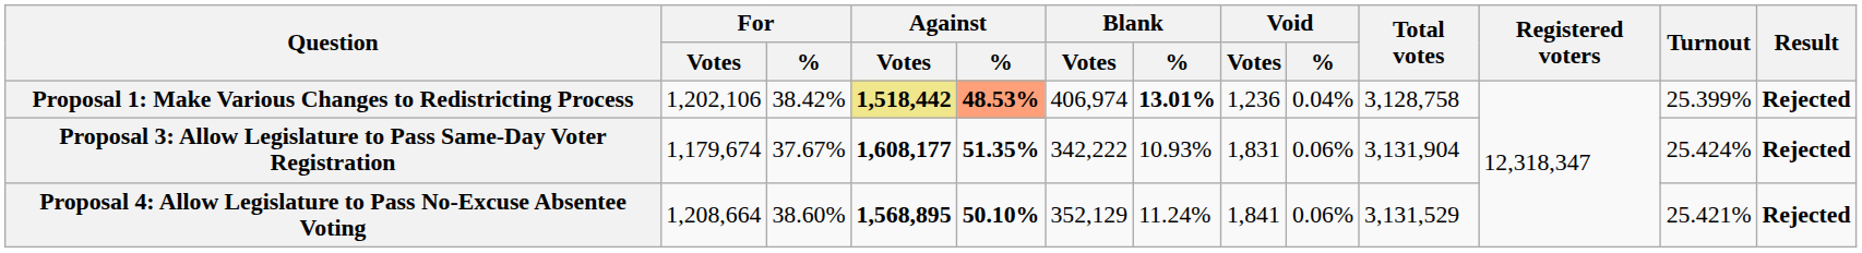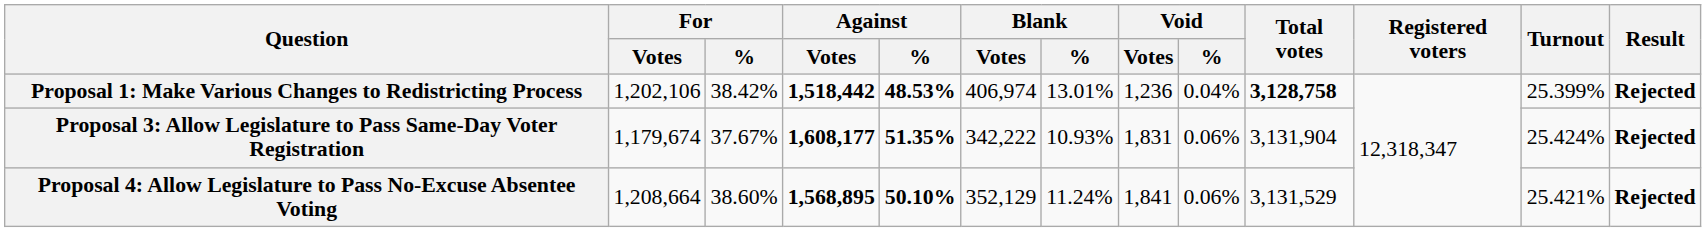 <table class="wikitable">
 <tr>
 <th rowspan="2" scope="col">Question</th>
 <th colspan="2" scope="col">For</th>
 <th colspan="2" scope="col">Against</th>
 <th colspan="2" scope="col">Blank</th>
 <th colspan="2" scope="col">Void</th>
 <th rowspan="2" scope="col">Total votes</th>
 <th rowspan="2" scope="col">Registered voters</th>
 <th rowspan="2" scope="col">Turnout</th>
 <th rowspan="2" scope="col">Result</th>
 </tr>
 <tr>
 <th scope="col">Votes</th>
 <th scope="col">%</th>
 <th scope="col">Votes</th>
 <th scope="col">%</th>
 <th scope="col">Votes</th>
 <th scope="col">%</th>
 <th scope="col">Votes</th>
 <th scope="col">%</th>
 </tr>
 <tr>
 <th scope="row"><strong>Proposal 1</strong>: Make Various Changes to Redistricting Process</th>
 <td>1,202,106</td>
 <td>38.42%</td>
-<td style="background: khaki;"><strong>1,518,442</strong></td>
-<td style="background: lightsalmon;"><strong>48.53%</strong></td>
+<td><strong>1,518,442</strong></td>
+<td><strong>48.53%</strong></td>
 <td>406,974</td>
-<td><strong>13.01%</strong></td>
+<td>13.01%</td>
 <td>1,236</td>
 <td>0.04%</td>
-<td>3,128,758</td>
+<td><strong>3,128,758</strong></td>
 <td rowspan="3">12,318,347</td>
 <td>25.399%</td>
 <td><strong>Rejected</strong></td>
 </tr>
 <tr>
 <th scope="row"><strong>Proposal 3</strong>: Allow Legislature to Pass Same-Day Voter Registration</th>
 <td>1,179,674</td>
 <td>37.67%</td>
 <td><strong>1,608,177</strong></td>
 <td><strong>51.35%</strong></td>
 <td>342,222</td>
 <td>10.93%</td>
 <td>1,831</td>
 <td>0.06%</td>
 <td>3,131,904</td>
 <td>25.424%</td>
 <td><strong>Rejected</strong></td>
 </tr>
 <tr>
 <th scope="row"><strong>Proposal 4</strong>: Allow Legislature to Pass No-Excuse Absentee Voting</th>
 <td>1,208,664</td>
 <td>38.60%</td>
 <td><strong>1,568,895</strong></td>
 <td><strong>50.10%</strong></td>
 <td>352,129</td>
 <td>11.24%</td>
 <td>1,841</td>
 <td>0.06%</td>
 <td>3,131,529</td>
 <td>25.421%</td>
 <td><strong>Rejected</strong></td>
 </tr>
 </table>
